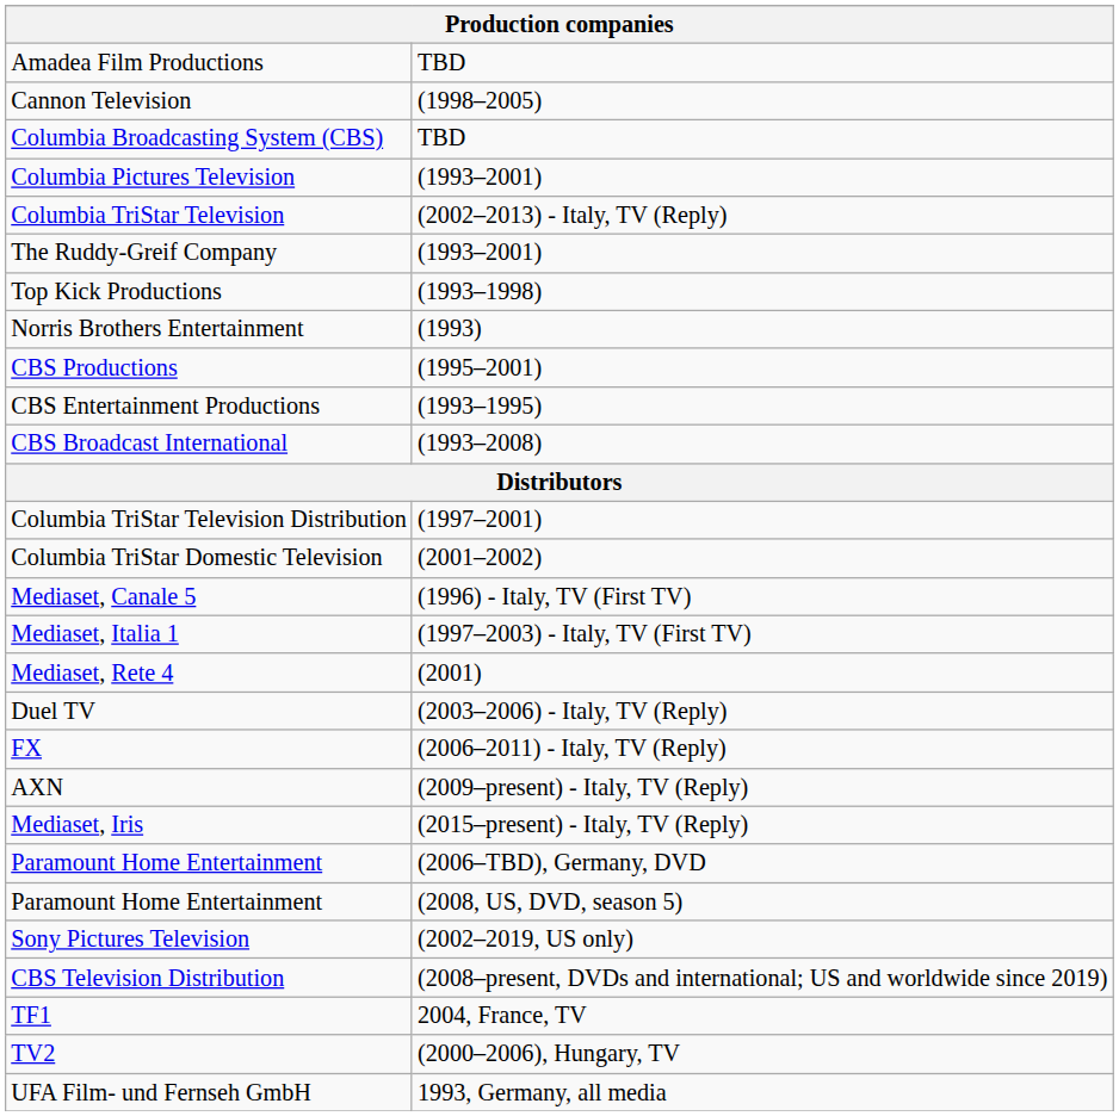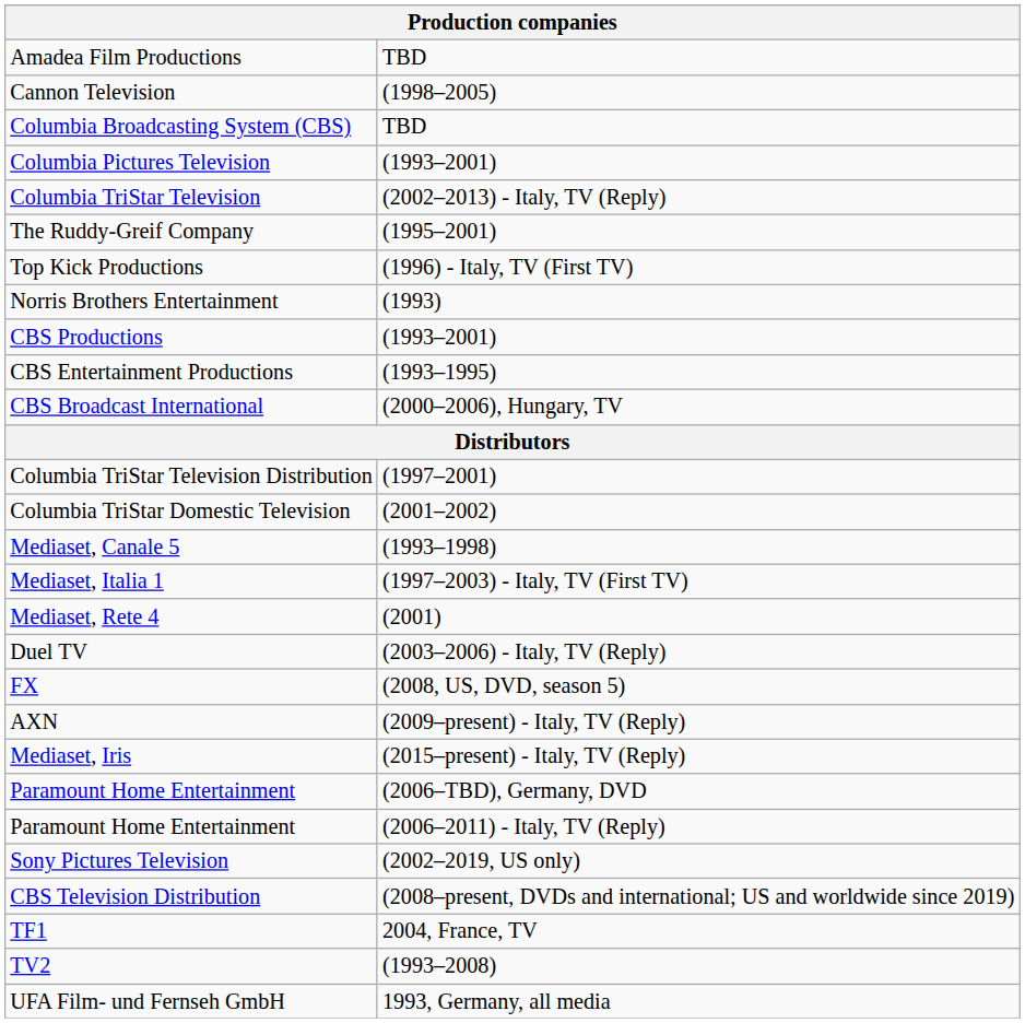 <table class="wikitable">
 <tr bgcolor="#CCCCCC">
 </tr>
 <tr>
 <th colspan="2" !style="background-color: #CCCCCC;">Production companies</th>
 </tr>
 <tr>
 <td>Amadea Film Productions</td>
 <td>TBD</td>
 </tr>
 <tr>
 <td>Cannon Television</td>
 <td>(1998–2005)</td>
 </tr>
 <tr>
 <td><a href='#'>Columbia Broadcasting System (CBS)</a></td>
 <td>TBD</td>
 </tr>
 <tr>
 <td><a href='#'>Columbia Pictures Television</a></td>
 <td>(1993–2001)</td>
 </tr>
 <tr>
 <td><a href='#'>Columbia TriStar Television</a></td>
 <td>(2002–2013) - Italy, TV (Reply)</td>
 </tr>
 <tr>
 <td>The Ruddy-Greif Company</td>
-<td>(1993–2001)</td>
+<td>(1995–2001)</td>
 </tr>
 <tr>
 <td>Top Kick Productions</td>
-<td>(1993–1998)</td>
+<td>(1996) - Italy, TV (First TV)</td>
 </tr>
 <tr>
 <td>Norris Brothers Entertainment</td>
 <td>(1993)</td>
 </tr>
 <tr>
 <td><a href='#'>CBS Productions</a></td>
-<td>(1995–2001)</td>
+<td>(1993–2001)</td>
 </tr>
 <tr>
 <td>CBS Entertainment Productions</td>
 <td>(1993–1995)</td>
 </tr>
 <tr>
 <td><a href='#'>CBS Broadcast International</a></td>
-<td>(1993–2008)</td>
+<td>(2000–2006), Hungary, TV</td>
 </tr>
 <tr>
 <th colspan="2" !style="background-color: #CCCCCC;">Distributors</th>
 </tr>
 <tr>
 <td>Columbia TriStar Television Distribution</td>
 <td>(1997–2001)</td>
 </tr>
 <tr>
 <td>Columbia TriStar Domestic Television</td>
 <td>(2001–2002)</td>
 </tr>
 <tr>
 <td><a href='#'>Mediaset</a>, <a href='#'>Canale 5</a></td>
-<td>(1996) - Italy, TV (First TV)</td>
+<td>(1993–1998)</td>
 </tr>
 <tr>
 <td><a href='#'>Mediaset</a>, <a href='#'>Italia 1</a></td>
 <td>(1997–2003) - Italy, TV (First TV)</td>
 </tr>
 <tr>
 <td><a href='#'>Mediaset</a>, <a href='#'>Rete 4</a></td>
 <td>(2001)</td>
 </tr>
 <tr>
 <td>Duel TV</td>
 <td>(2003–2006) - Italy, TV (Reply)</td>
 </tr>
 <tr>
 <td><a href='#'>FX</a></td>
-<td>(2006–2011) - Italy, TV (Reply)</td>
+<td>(2008, US, DVD, season 5)</td>
 </tr>
 <tr>
 <td>AXN</td>
 <td>(2009–present) - Italy, TV (Reply)</td>
 </tr>
 <tr>
 <td><a href='#'>Mediaset</a>, <a href='#'>Iris</a></td>
 <td>(2015–present) - Italy, TV (Reply)</td>
 </tr>
 <tr>
 <td><a href='#'>Paramount Home Entertainment</a></td>
 <td>(2006–TBD), Germany, DVD</td>
 </tr>
 <tr>
 <td>Paramount Home Entertainment</td>
-<td>(2008, US, DVD, season 5)</td>
+<td>(2006–2011) - Italy, TV (Reply)</td>
 </tr>
 <tr>
 <td><a href='#'>Sony Pictures Television</a></td>
 <td>(2002–2019, US only)</td>
 </tr>
 <tr>
 <td><a href='#'>CBS Television Distribution</a></td>
 <td>(2008–present, DVDs and international; US and worldwide since 2019)</td>
 </tr>
 <tr>
 <td><a href='#'>TF1</a></td>
 <td>2004, France, TV</td>
 </tr>
 <tr>
 <td><a href='#'>TV2</a></td>
-<td>(2000–2006), Hungary, TV</td>
+<td>(1993–2008)</td>
 </tr>
 <tr>
 <td>UFA Film- und Fernseh GmbH</td>
 <td>1993, Germany, all media</td>
 </tr>
 </table>
